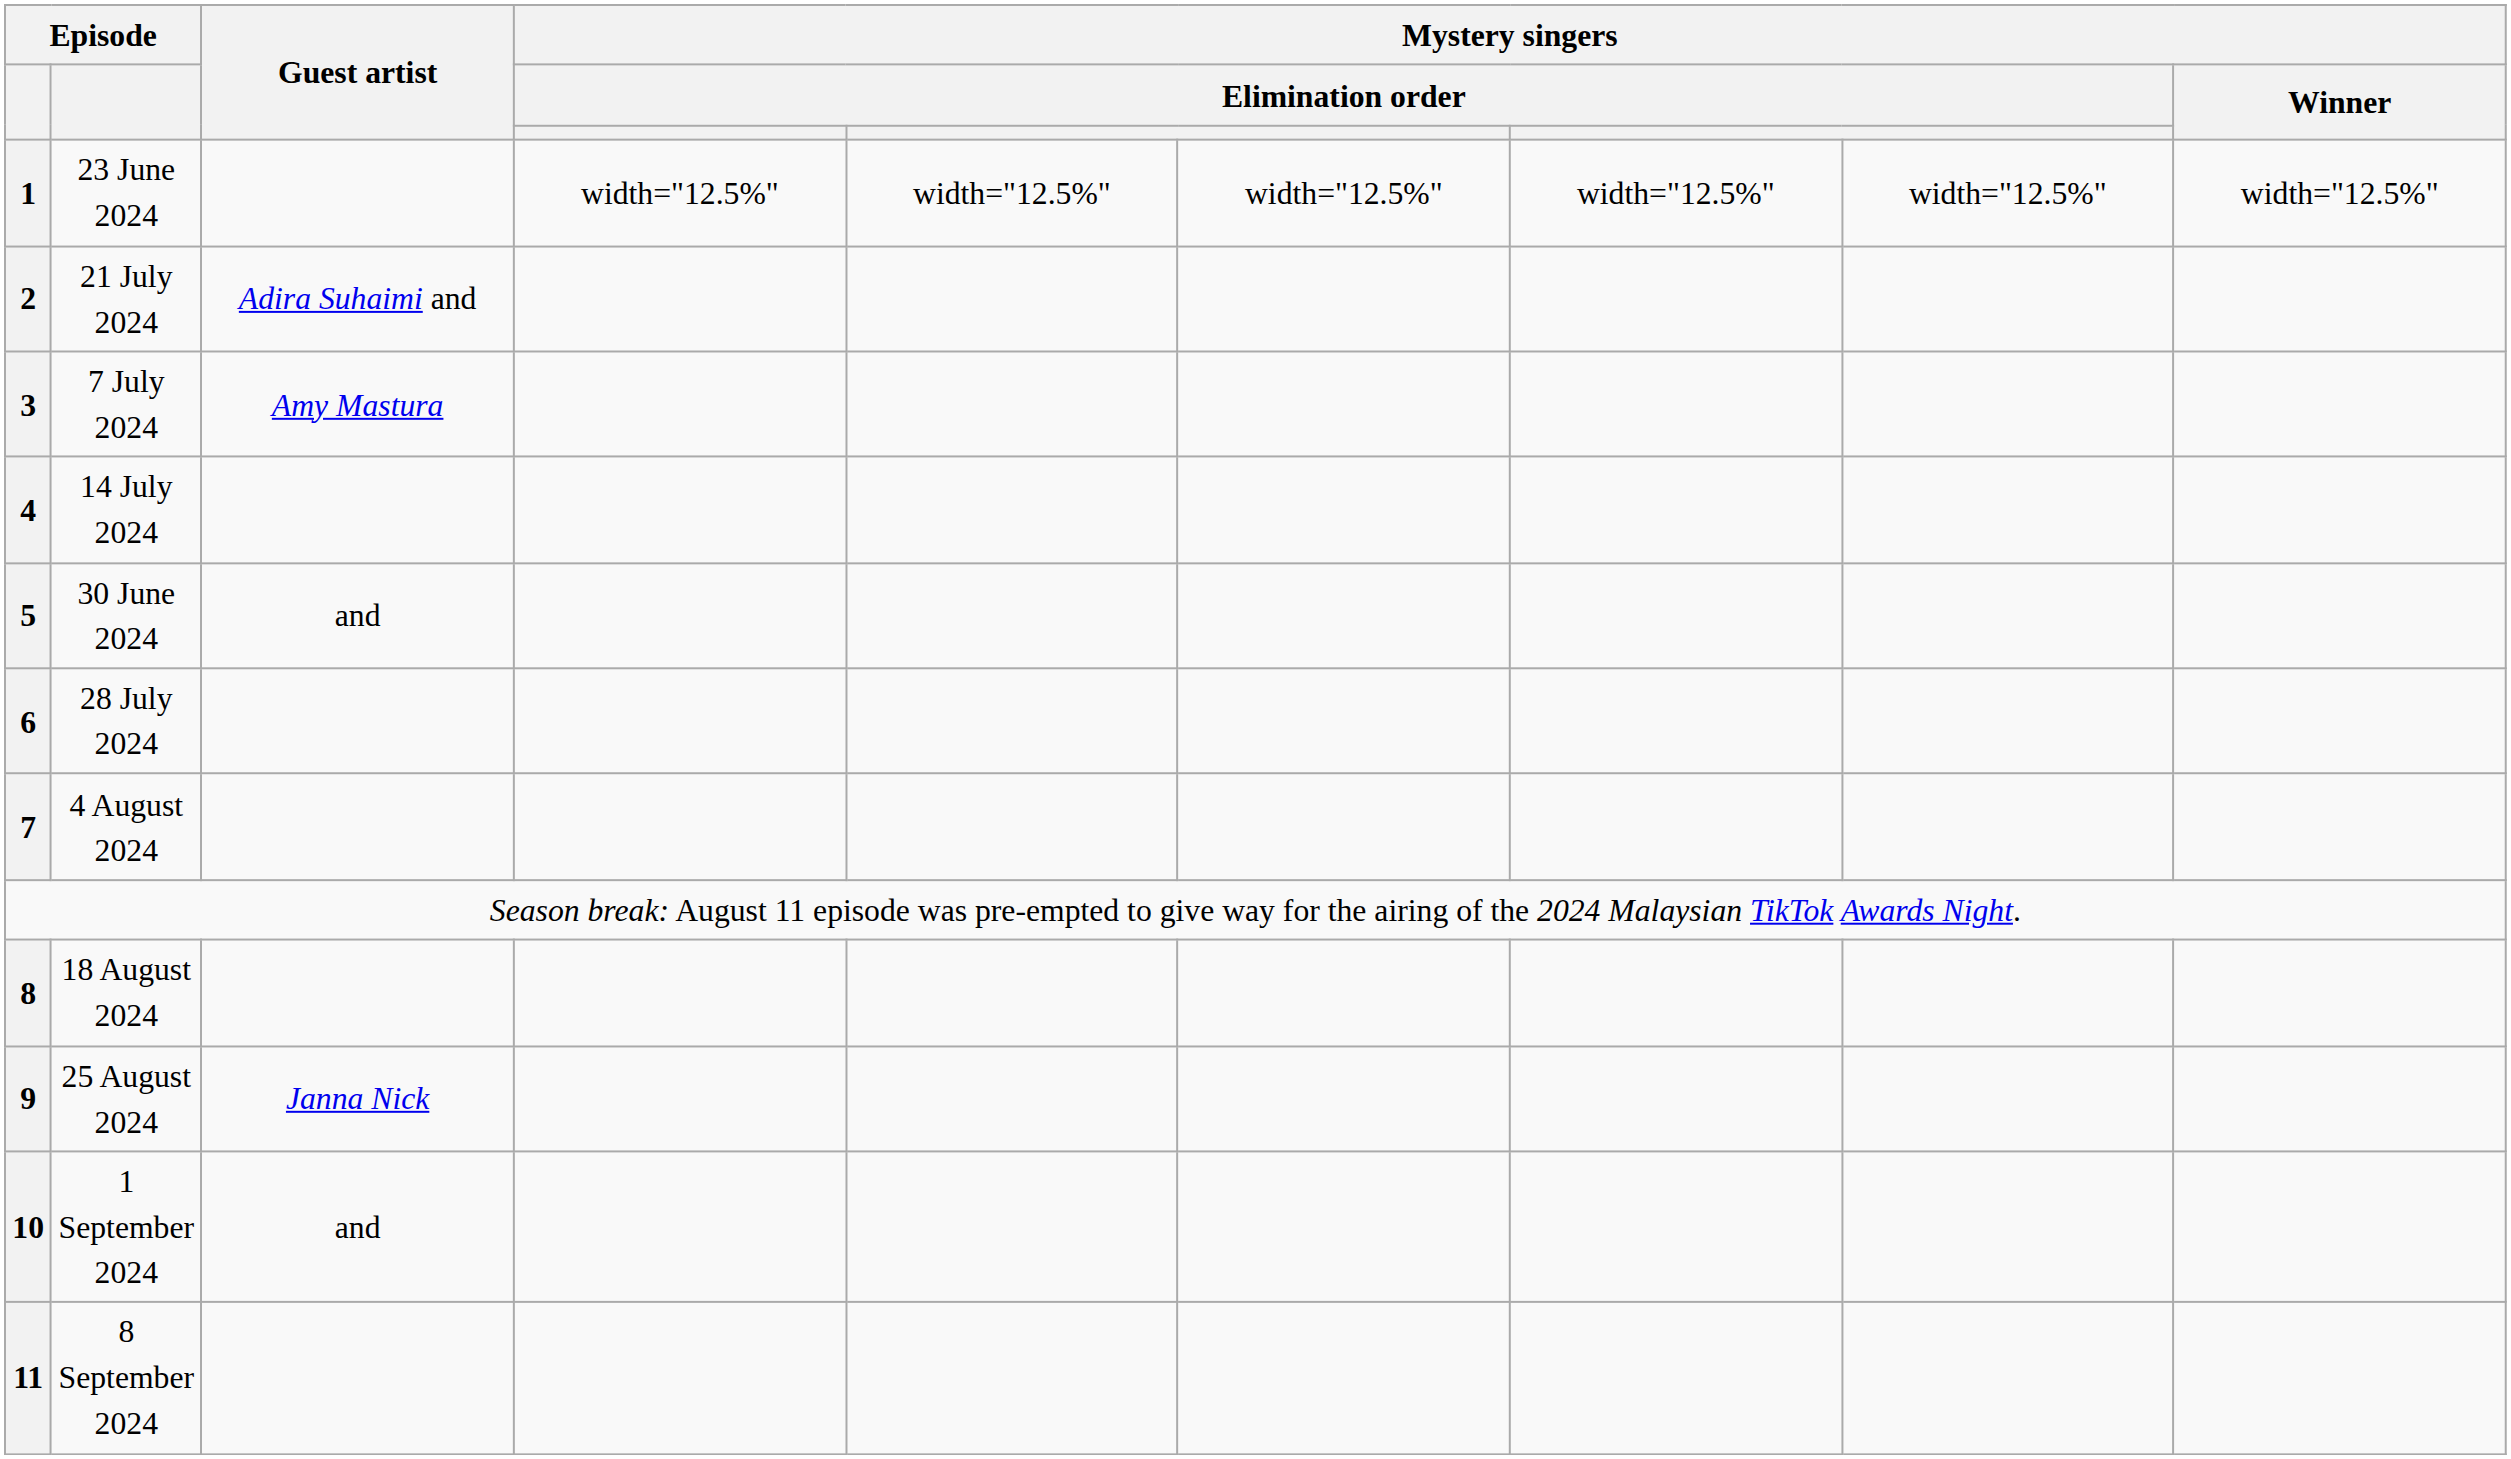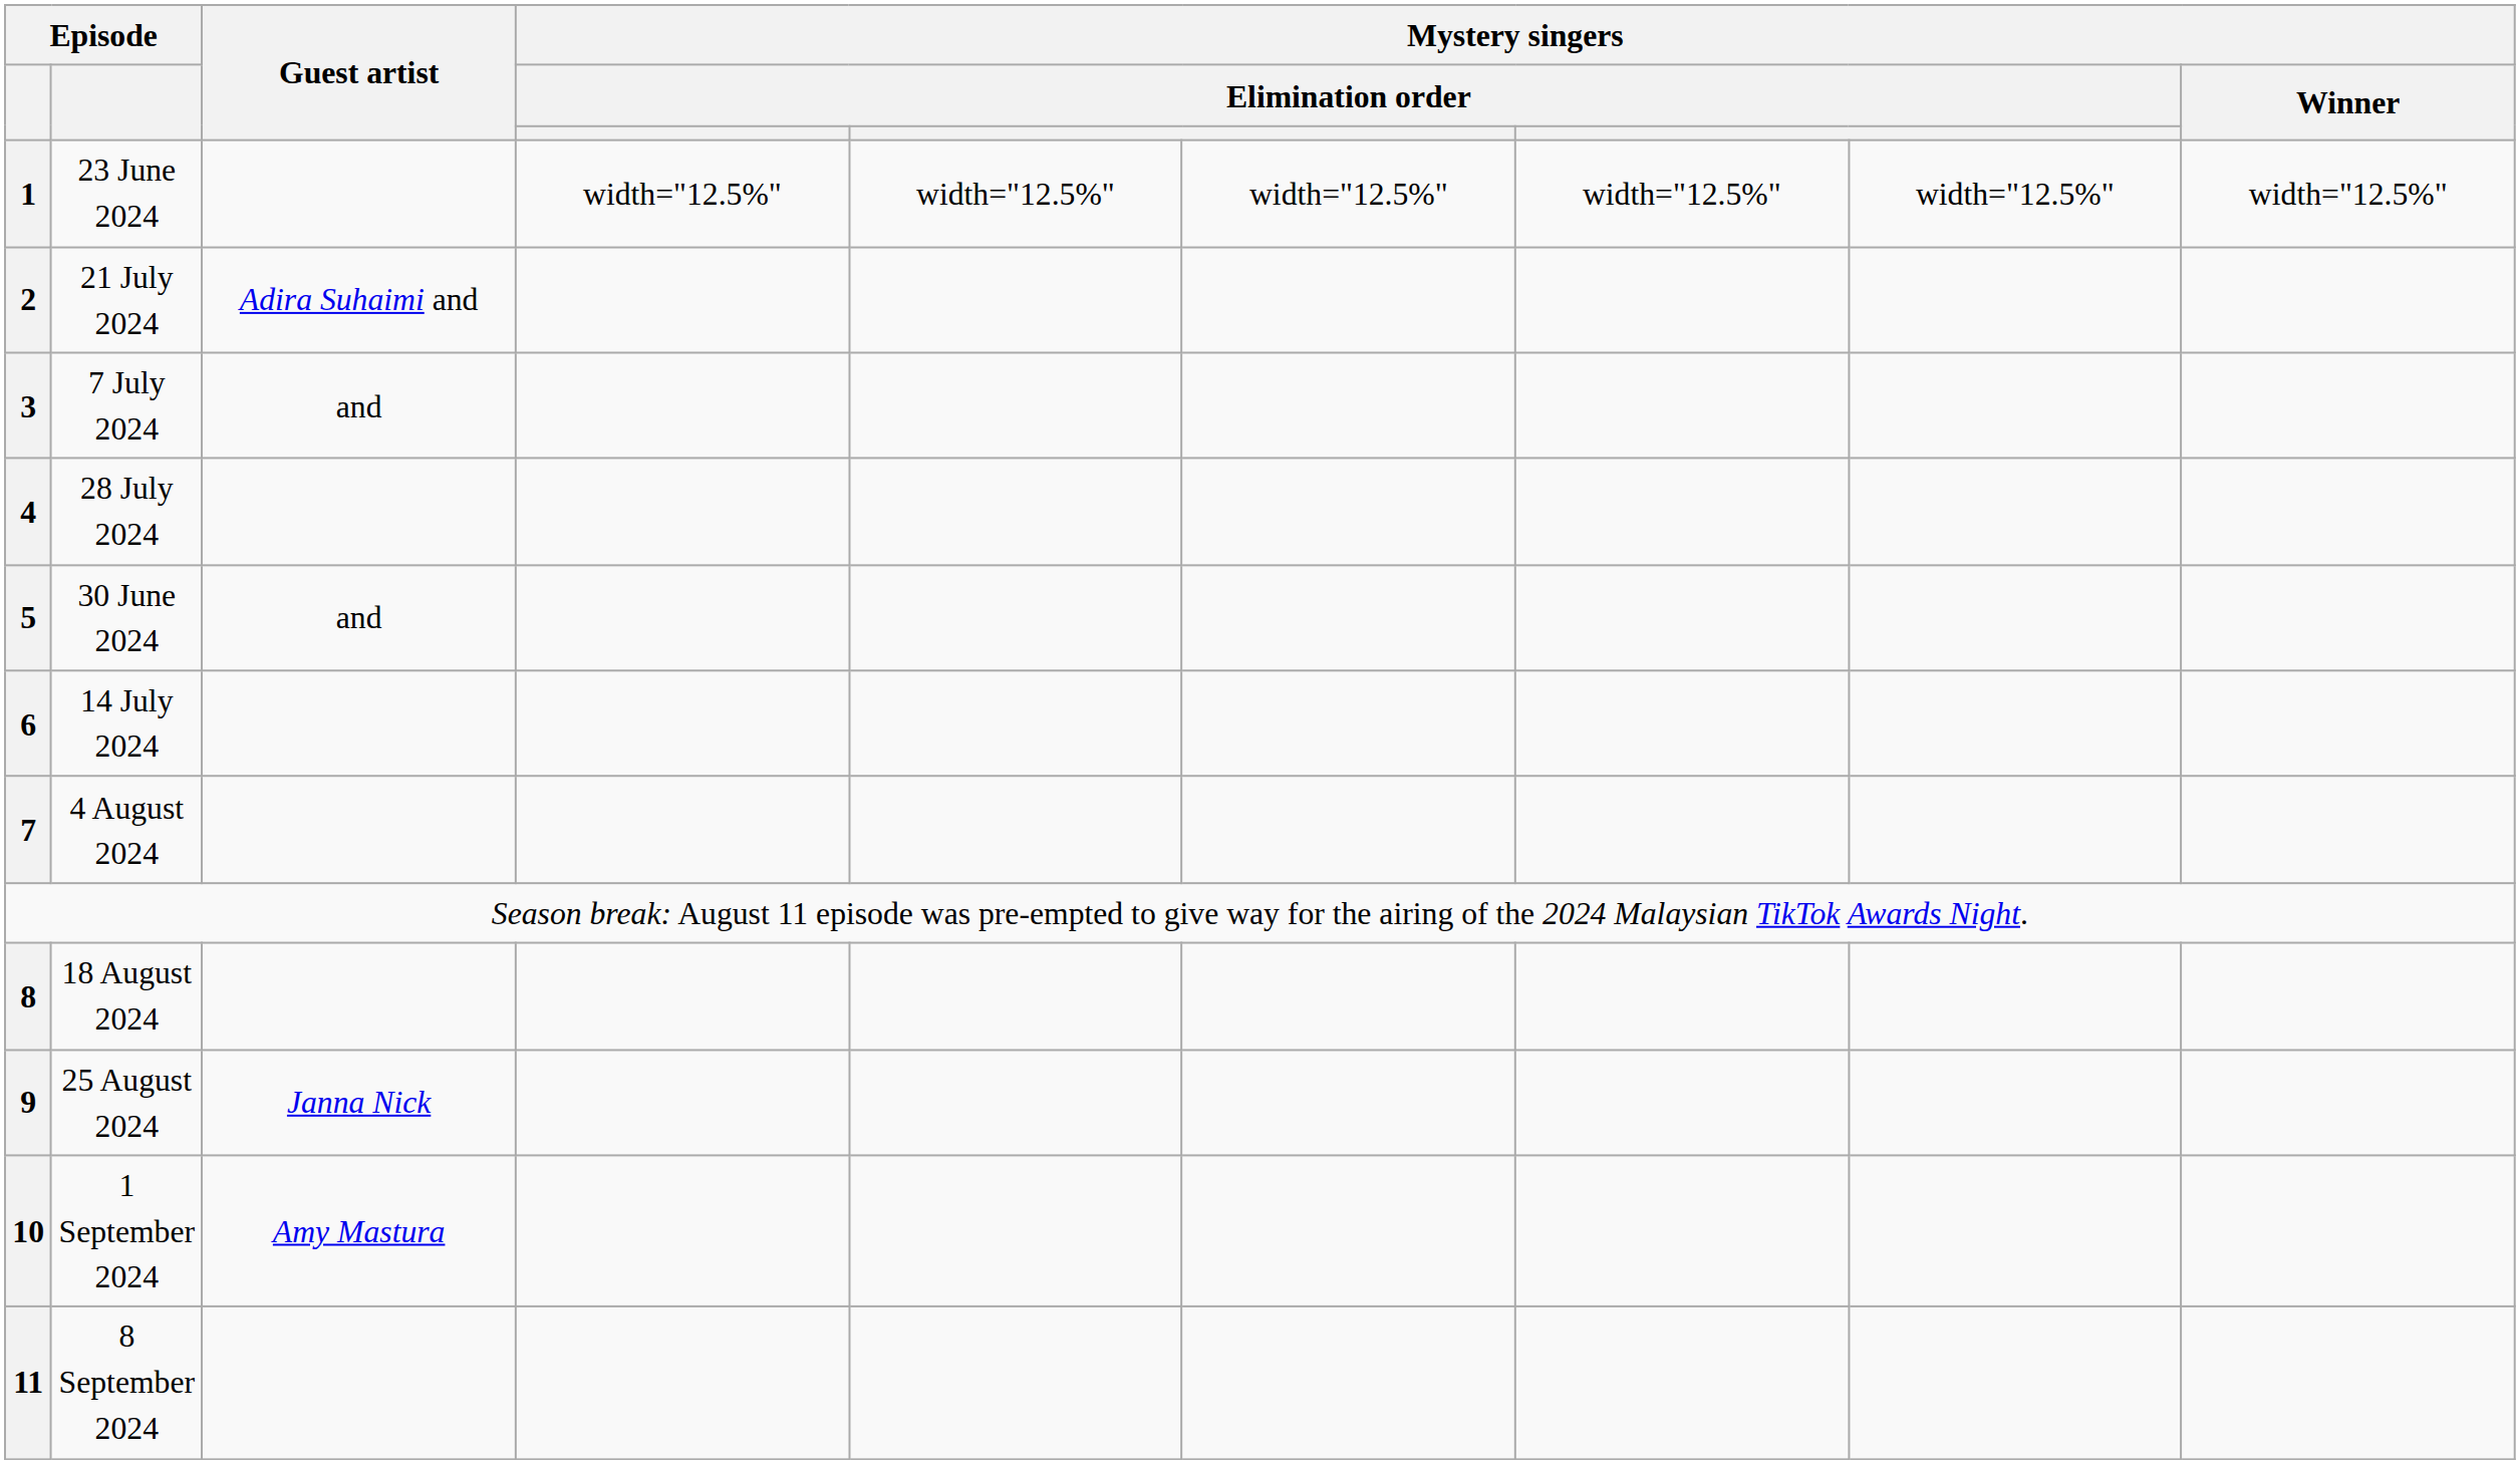 <table class="wikitable plainrowheaders mw-collapsible" style="text-align:center; line-height:23px; width:100%;">
 <tr>
 <th colspan="2" width="1%">Episode</th>
 <th rowspan="3" width="12.5%">Guest artist</th>
 <th colspan="6">Mystery singers<br></th>
 </tr>
 <tr>
 <th rowspan="2"></th>
 <th rowspan="2"></th>
 <th colspan="5">Elimination order</th>
 <th rowspan="2">Winner</th>
 </tr>
 <tr>
 <th></th>
 <th colspan="2"></th>
 <th colspan="2"></th>
 </tr>
 <tr>
 <th>1</th>
 <td>23 June 2024</td>
 <td><br></td>
 <td>width="12.5%" </td>
 <td>width="12.5%" </td>
 <td>width="12.5%" </td>
 <td>width="12.5%" </td>
 <td>width="12.5%" </td>
 <td>width="12.5%" </td>
 </tr>
 <tr>
 <th>2</th>
 <td>21 July 2024</td>
 <td><em><a href='#'>Adira Suhaimi</a></em> and <em></em><br></td>
 <td></td>
 <td></td>
 <td></td>
 <td></td>
 <td></td>
 <td></td>
 </tr>
 <tr>
 <th>3</th>
 <td>7 July 2024</td>
-<td><em><a href='#'>Amy Mastura</a></em></td>
+<td> and <br></td>
 <td></td>
 <td></td>
 <td></td>
 <td></td>
 <td></td>
 <td></td>
 </tr>
 <tr>
 <th>4</th>
-<td>14 July 2024</td>
+<td>28 July 2024</td>
 <td><br></td>
 <td></td>
 <td></td>
 <td></td>
 <td></td>
 <td></td>
 <td></td>
 </tr>
 <tr>
 <th>5</th>
 <td>30 June 2024</td>
 <td><em></em> and <br></td>
 <td></td>
 <td></td>
 <td></td>
 <td></td>
 <td></td>
 <td></td>
 </tr>
 <tr>
 <th>6</th>
-<td>28 July 2024</td>
+<td>14 July 2024</td>
 <td><em></em></td>
 <td></td>
 <td></td>
 <td></td>
 <td></td>
 <td></td>
 <td></td>
 </tr>
 <tr>
 <th>7</th>
 <td>4 August 2024</td>
 <td></td>
 <td></td>
 <td></td>
 <td></td>
 <td></td>
 <td></td>
 <td></td>
 </tr>
 <tr>
 <td colspan="9"><em>Season break:</em> August 11 episode was pre-empted to give way for the airing of the <em>2024 Malaysian <a href='#'>TikTok</a> <a href='#'>Awards Night</a></em>.</td>
 </tr>
 <tr>
 <th>8</th>
 <td>18 August 2024</td>
 <td><em></em><br></td>
 <td></td>
 <td></td>
 <td></td>
 <td></td>
 <td></td>
 <td></td>
 </tr>
 <tr>
 <th>9</th>
 <td>25 August 2024</td>
 <td><em><a href='#'>Janna Nick</a></em><br></td>
 <td></td>
 <td></td>
 <td></td>
 <td></td>
 <td></td>
 <td></td>
 </tr>
 <tr>
 <th>10</th>
 <td>1 September 2024</td>
-<td> and <br></td>
+<td><em><a href='#'>Amy Mastura</a></em></td>
 <td></td>
 <td></td>
 <td></td>
 <td></td>
 <td></td>
 <td></td>
 </tr>
 <tr>
 <th>11</th>
 <td>8 September 2024</td>
 <td><em></em><br></td>
 <td></td>
 <td></td>
 <td></td>
 <td></td>
 <td></td>
 <td></td>
 </tr>
 </table>
